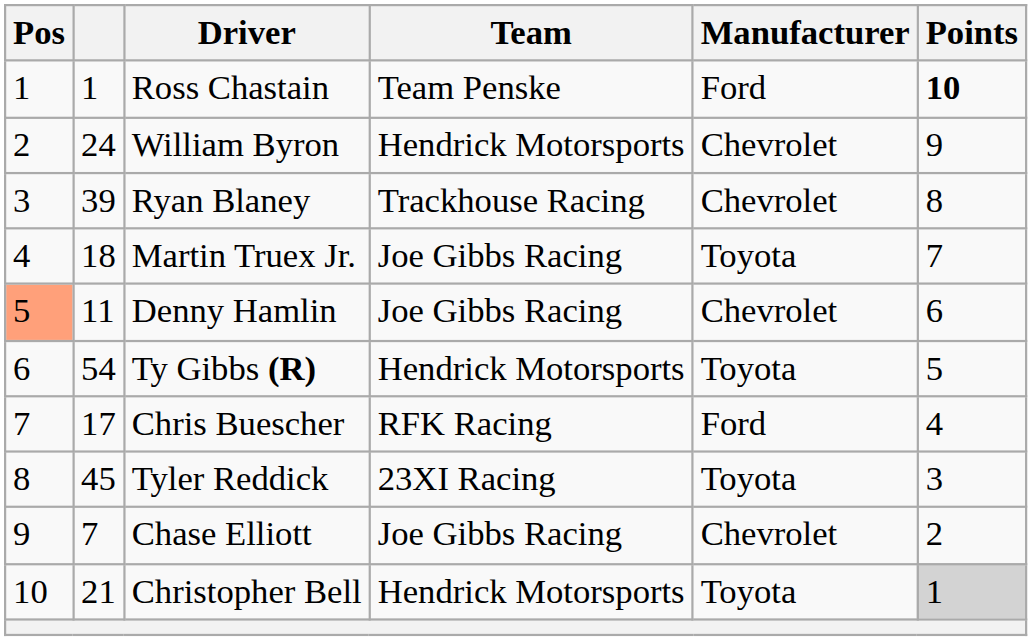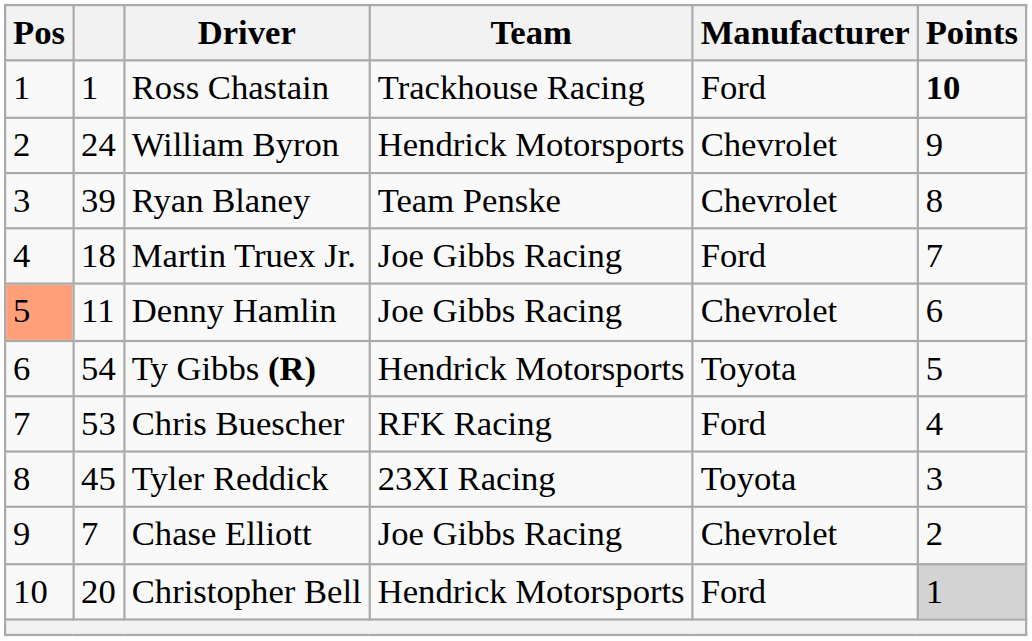 <table class="wikitable" style="font-size:98%">
 <tr>
 <th>Pos</th>
 <th></th>
 <th>Driver</th>
 <th>Team</th>
 <th>Manufacturer</th>
 <th>Points</th>
 </tr>
 <tr>
 <td>1</td>
 <td>1</td>
 <td>Ross Chastain</td>
-<td>Team Penske</td>
+<td>Trackhouse Racing</td>
 <td>Ford</td>
 <td><strong>10</strong></td>
 </tr>
 <tr>
 <td>2</td>
 <td>24</td>
 <td>William Byron</td>
 <td>Hendrick Motorsports</td>
 <td>Chevrolet</td>
 <td>9</td>
 </tr>
 <tr>
 <td>3</td>
 <td>39</td>
 <td>Ryan Blaney</td>
-<td>Trackhouse Racing</td>
+<td>Team Penske</td>
 <td>Chevrolet</td>
 <td>8</td>
 </tr>
 <tr>
 <td>4</td>
 <td>18</td>
 <td>Martin Truex Jr.</td>
 <td>Joe Gibbs Racing</td>
-<td>Toyota</td>
+<td>Ford</td>
 <td>7</td>
 </tr>
 <tr>
 <td style="background: lightsalmon;">5</td>
 <td>11</td>
 <td>Denny Hamlin</td>
 <td>Joe Gibbs Racing</td>
 <td>Chevrolet</td>
 <td>6</td>
 </tr>
 <tr>
 <td>6</td>
 <td>54</td>
 <td>Ty Gibbs <strong>(R)</strong></td>
 <td>Hendrick Motorsports</td>
 <td>Toyota</td>
 <td>5</td>
 </tr>
 <tr>
 <td>7</td>
-<td>17</td>
+<td>53</td>
 <td>Chris Buescher</td>
 <td>RFK Racing</td>
 <td>Ford</td>
 <td>4</td>
 </tr>
 <tr>
 <td>8</td>
 <td>45</td>
 <td>Tyler Reddick</td>
 <td>23XI Racing</td>
 <td>Toyota</td>
 <td>3</td>
 </tr>
 <tr>
 <td>9</td>
 <td>7</td>
 <td>Chase Elliott</td>
 <td>Joe Gibbs Racing</td>
 <td>Chevrolet</td>
 <td>2</td>
 </tr>
 <tr>
 <td>10</td>
-<td>21</td>
+<td>20</td>
 <td>Christopher Bell</td>
 <td>Hendrick Motorsports</td>
-<td>Toyota</td>
+<td>Ford</td>
 <td style="background: lightgrey;">1</td>
 </tr>
 <tr>
 <th colspan="6"></th>
 </tr>
 </table>
